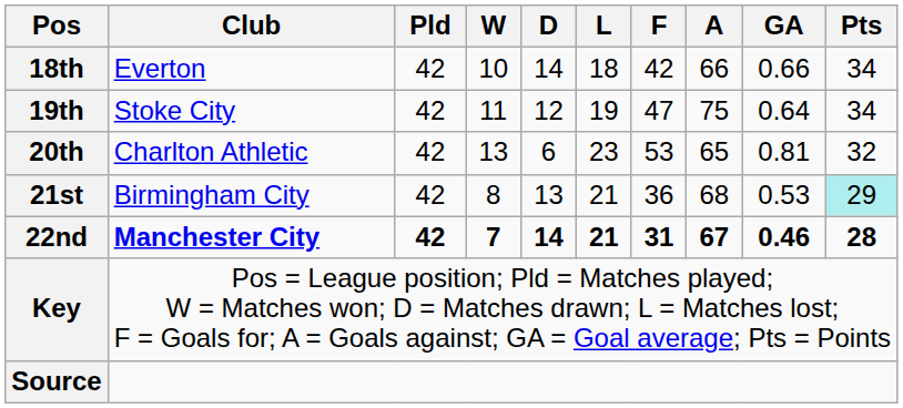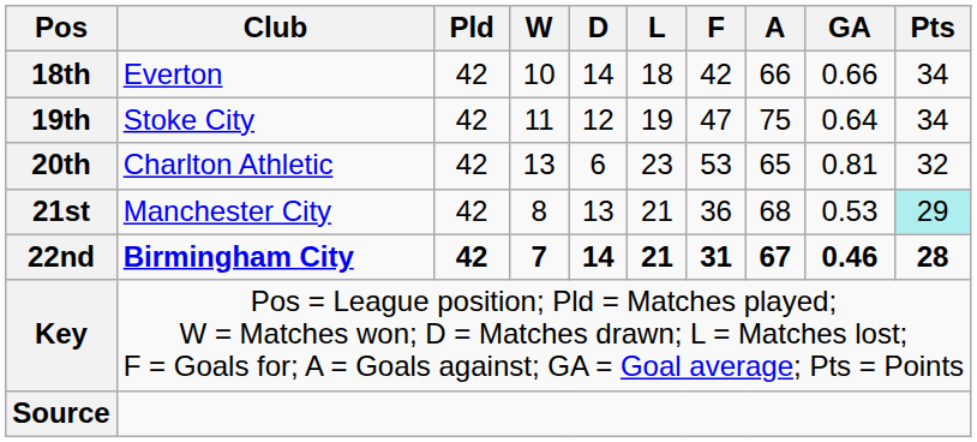 <table class="wikitable" style="text-align:center">
 <tr>
 <th scope="col">Pos</th>
 <th scope="col">Club</th>
 <th scope="col">Pld</th>
 <th scope="col">W</th>
 <th scope="col">D</th>
 <th scope="col">L</th>
 <th scope="col">F</th>
 <th scope="col">A</th>
 <th scope="col">GA</th>
 <th scope="col">Pts</th>
 </tr>
 <tr>
 <th scope="row">18th</th>
 <td align="left"><a href='#'>Everton</a></td>
 <td>42</td>
 <td>10</td>
 <td>14</td>
 <td>18</td>
 <td>42</td>
 <td>66</td>
 <td>0.66</td>
 <td>34</td>
 </tr>
 <tr>
 <th scope="row">19th</th>
 <td align="left"><a href='#'>Stoke City</a></td>
 <td>42</td>
 <td>11</td>
 <td>12</td>
 <td>19</td>
 <td>47</td>
 <td>75</td>
 <td>0.64</td>
 <td>34</td>
 </tr>
 <tr>
 <th scope="row">20th</th>
 <td align="left"><a href='#'>Charlton Athletic</a></td>
 <td>42</td>
 <td>13</td>
 <td>6</td>
 <td>23</td>
 <td>53</td>
 <td>65</td>
 <td>0.81</td>
 <td>32</td>
 </tr>
 <tr>
 <th scope="row">21st</th>
-<td align="left"><a href='#'>Birmingham City</a></td>
+<td align="left"><a href='#'>Manchester City</a></td>
 <td>42</td>
 <td>8</td>
 <td>13</td>
 <td>21</td>
 <td>36</td>
 <td>68</td>
 <td>0.53</td>
 <td style="background: paleturquoise;">29</td>
 </tr>
 <tr style="font-Weight:bold">
 <th scope="row">22nd</th>
-<td align="left"><a href='#'>Manchester City</a></td>
+<td align="left"><a href='#'>Birmingham City</a></td>
 <td>42</td>
 <td>7</td>
 <td>14</td>
 <td>21</td>
 <td>31</td>
 <td>67</td>
 <td>0.46</td>
 <td>28</td>
 </tr>
 <tr>
 <th scope="row">Key</th>
 <td colspan="9">Pos = League position; Pld = Matches played;<br>W = Matches won; D = Matches drawn; L = Matches lost;<br>F = Goals for; A = Goals against; GA = <a href='#'>Goal average</a>; Pts = Points</td>
 </tr>
 <tr>
 <th scope="row">Source</th>
 <td colspan="9"></td>
 </tr>
 </table>
